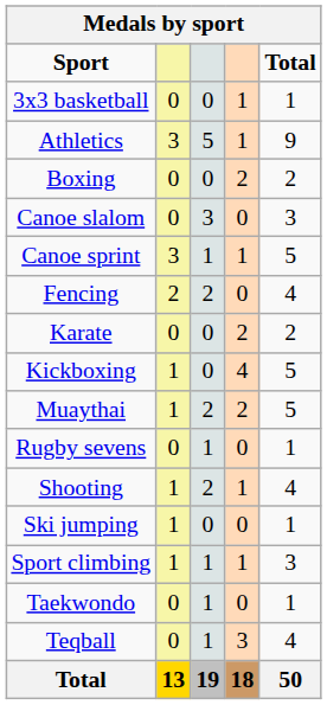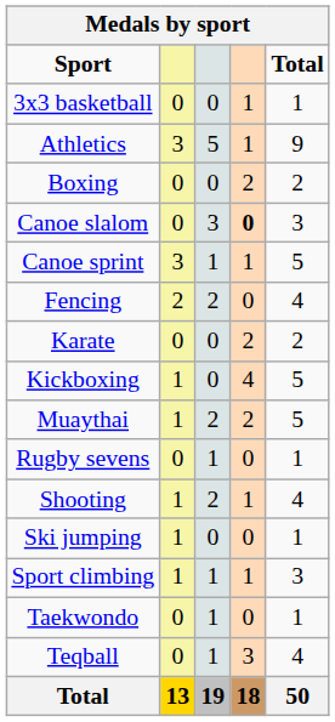 <table class="wikitable" style="font-size:85%; float:right; text-align:center">
 <tr style="background:#efefef;">
 <th colspan="5">Medals by sport</th>
 </tr>
 <tr>
 <td><strong>Sport</strong></td>
 <td style="background:#f7f6a8;"></td>
 <td style="background:#dce5e5;"></td>
 <td style="background:#ffdab9;"></td>
 <td><strong>Total</strong></td>
 </tr>
 <tr>
 <td><a href='#'>3x3 basketball</a></td>
 <td style="background:#f7f6a8;">0</td>
 <td style="background:#dce5e5;">0</td>
 <td style="background:#ffdab9;">1</td>
 <td>1</td>
 </tr>
 <tr>
 <td><a href='#'>Athletics</a></td>
 <td style="background:#f7f6a8;">3</td>
 <td style="background:#dce5e5;">5</td>
 <td style="background:#ffdab9;">1</td>
 <td>9</td>
 </tr>
 <tr>
 <td><a href='#'>Boxing</a></td>
 <td style="background:#f7f6a8;">0</td>
 <td style="background:#dce5e5;">0</td>
 <td style="background:#ffdab9;">2</td>
 <td>2</td>
 </tr>
 <tr>
 <td><a href='#'>Canoe slalom</a></td>
 <td style="background:#f7f6a8;">0</td>
 <td style="background:#dce5e5;">3</td>
-<td style="background:#ffdab9;">0</td>
+<td style="background:#ffdab9;"><strong>0</strong></td>
 <td>3</td>
 </tr>
 <tr>
 <td><a href='#'>Canoe sprint</a></td>
 <td style="background:#f7f6a8;">3</td>
 <td style="background:#dce5e5;">1</td>
 <td style="background:#ffdab9;">1</td>
 <td>5</td>
 </tr>
 <tr>
 <td><a href='#'>Fencing</a></td>
 <td style="background:#f7f6a8;">2</td>
 <td style="background:#dce5e5;">2</td>
 <td style="background:#ffdab9;">0</td>
 <td>4</td>
 </tr>
 <tr>
 <td><a href='#'>Karate</a></td>
 <td style="background:#f7f6a8;">0</td>
 <td style="background:#dce5e5;">0</td>
 <td style="background:#ffdab9;">2</td>
 <td>2</td>
 </tr>
 <tr>
 <td><a href='#'>Kickboxing</a></td>
 <td style="background:#f7f6a8;">1</td>
 <td style="background:#dce5e5;">0</td>
 <td style="background:#ffdab9;">4</td>
 <td>5</td>
 </tr>
 <tr>
 <td><a href='#'>Muaythai</a></td>
 <td style="background:#f7f6a8;">1</td>
 <td style="background:#dce5e5;">2</td>
 <td style="background:#ffdab9;">2</td>
 <td>5</td>
 </tr>
 <tr>
 <td><a href='#'>Rugby sevens</a></td>
 <td style="background:#f7f6a8;">0</td>
 <td style="background:#dce5e5;">1</td>
 <td style="background:#ffdab9;">0</td>
 <td>1</td>
 </tr>
 <tr>
 <td><a href='#'>Shooting</a></td>
 <td style="background:#f7f6a8;">1</td>
 <td style="background:#dce5e5;">2</td>
 <td style="background:#ffdab9;">1</td>
 <td>4</td>
 </tr>
 <tr>
 <td><a href='#'>Ski jumping</a></td>
 <td style="background:#f7f6a8;">1</td>
 <td style="background:#dce5e5;">0</td>
 <td style="background:#ffdab9;">0</td>
 <td>1</td>
 </tr>
 <tr>
 <td><a href='#'>Sport climbing</a></td>
 <td style="background:#f7f6a8;">1</td>
 <td style="background:#dce5e5;">1</td>
 <td style="background:#ffdab9;">1</td>
 <td>3</td>
 </tr>
 <tr>
 <td><a href='#'>Taekwondo</a></td>
 <td style="background:#f7f6a8;">0</td>
 <td style="background:#dce5e5;">1</td>
 <td style="background:#ffdab9;">0</td>
 <td>1</td>
 </tr>
 <tr>
 <td><a href='#'>Teqball</a></td>
 <td style="background:#f7f6a8;">0</td>
 <td style="background:#dce5e5;">1</td>
 <td style="background:#ffdab9;">3</td>
 <td>4</td>
 </tr>
 <tr>
 <th>Total</th>
 <th style="background:gold;">13</th>
 <th style="background:silver;">19</th>
 <th style="background:#c96;">18</th>
 <th>50</th>
 </tr>
 </table>
